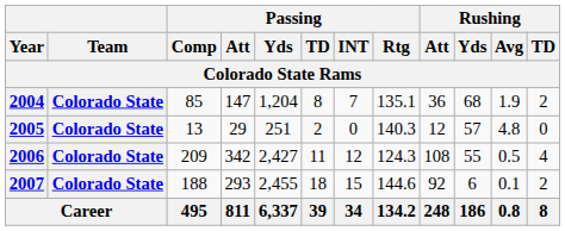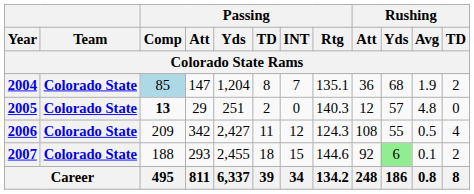 <table class="wikitable" style="text-align:center;">
 <tr>
 <th colspan="2"></th>
 <th colspan="6">Passing</th>
 <th colspan="4">Rushing</th>
 </tr>
 <tr>
 <th>Year</th>
 <th>Team</th>
 <th>Comp</th>
 <th>Att</th>
 <th>Yds</th>
 <th>TD</th>
 <th>INT</th>
 <th>Rtg</th>
 <th>Att</th>
 <th>Yds</th>
 <th>Avg</th>
 <th>TD</th>
 </tr>
 <tr>
 <th colspan="12">Colorado State Rams</th>
 </tr>
 <tr>
 <th><a href='#'>2004</a></th>
 <th><a href='#'>Colorado State</a></th>
-<td>85</td>
+<td style="background: lightblue;">85</td>
 <td>147</td>
 <td>1,204</td>
 <td>8</td>
 <td>7</td>
 <td>135.1</td>
 <td>36</td>
 <td>68</td>
 <td>1.9</td>
 <td>2</td>
 </tr>
 <tr>
 <th><a href='#'>2005</a></th>
 <th><a href='#'>Colorado State</a></th>
-<td>13</td>
+<td><strong>13</strong></td>
 <td>29</td>
 <td>251</td>
 <td>2</td>
 <td>0</td>
 <td>140.3</td>
 <td>12</td>
 <td>57</td>
 <td>4.8</td>
 <td>0</td>
 </tr>
 <tr>
 <th><a href='#'>2006</a></th>
 <th><a href='#'>Colorado State</a></th>
 <td>209</td>
 <td>342</td>
 <td>2,427</td>
 <td>11</td>
 <td>12</td>
 <td>124.3</td>
 <td>108</td>
 <td>55</td>
 <td>0.5</td>
 <td>4</td>
 </tr>
 <tr>
 <th><a href='#'>2007</a></th>
 <th><a href='#'>Colorado State</a></th>
 <td>188</td>
 <td>293</td>
 <td>2,455</td>
 <td>18</td>
 <td>15</td>
 <td>144.6</td>
 <td>92</td>
-<td>6</td>
+<td style="background: lightgreen;">6</td>
 <td>0.1</td>
 <td>2</td>
 </tr>
 <tr style="background:#eee;">
 <th colspan=2><strong>Career</strong></th>
 <th>495</th>
 <th>811</th>
 <th>6,337</th>
 <th>39</th>
 <th>34</th>
 <th>134.2</th>
 <th>248</th>
 <th>186</th>
 <th>0.8</th>
 <th>8</th>
 </tr>
 </table>
